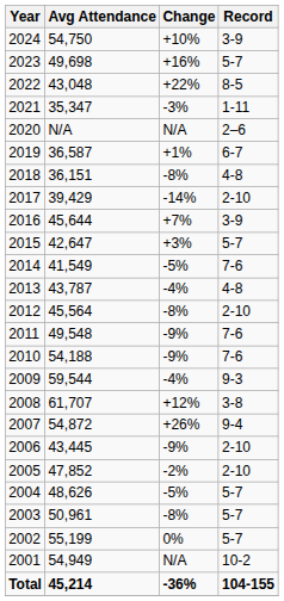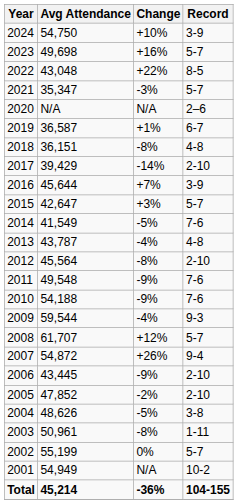 <table class="wikitable">
 <tr>
 <th>Year</th>
 <th>Avg Attendance</th>
 <th>Change</th>
 <th>Record</th>
 </tr>
 <tr>
 <td>2024</td>
 <td>54,750</td>
 <td>+10%</td>
 <td>3-9</td>
 </tr>
 <tr>
 <td>2023</td>
 <td>49,698</td>
 <td>+16%</td>
 <td>5-7</td>
 </tr>
 <tr>
 <td>2022</td>
 <td>43,048</td>
 <td>+22%</td>
 <td>8-5</td>
 </tr>
 <tr>
 <td>2021</td>
 <td>35,347</td>
 <td>-3%</td>
-<td>1-11</td>
+<td>5-7</td>
 </tr>
 <tr>
 <td>2020</td>
 <td>N/A</td>
 <td>N/A</td>
 <td>2–6</td>
 </tr>
 <tr>
 <td>2019</td>
 <td>36,587</td>
 <td>+1%</td>
 <td>6-7</td>
 </tr>
 <tr>
 <td>2018</td>
 <td>36,151</td>
 <td>-8%</td>
 <td>4-8</td>
 </tr>
 <tr>
 <td>2017</td>
 <td>39,429</td>
 <td>-14%</td>
 <td>2-10</td>
 </tr>
 <tr>
 <td>2016</td>
 <td>45,644</td>
 <td>+7%</td>
 <td>3-9</td>
 </tr>
 <tr>
 <td>2015</td>
 <td>42,647</td>
 <td>+3%</td>
 <td>5-7</td>
 </tr>
 <tr>
 <td>2014</td>
 <td>41,549</td>
 <td>-5%</td>
 <td>7-6</td>
 </tr>
 <tr>
 <td>2013</td>
 <td>43,787</td>
 <td>-4%</td>
 <td>4-8</td>
 </tr>
 <tr>
 <td>2012</td>
 <td>45,564</td>
 <td>-8%</td>
 <td>2-10</td>
 </tr>
 <tr>
 <td>2011</td>
 <td>49,548</td>
 <td>-9%</td>
 <td>7-6</td>
 </tr>
 <tr>
 <td>2010</td>
 <td>54,188</td>
 <td>-9%</td>
 <td>7-6</td>
 </tr>
 <tr>
 <td>2009</td>
 <td>59,544</td>
 <td>-4%</td>
 <td>9-3</td>
 </tr>
 <tr>
 <td>2008</td>
 <td>61,707</td>
 <td>+12%</td>
-<td>3-8</td>
+<td>5-7</td>
 </tr>
 <tr>
 <td>2007</td>
 <td>54,872</td>
 <td>+26%</td>
 <td>9-4</td>
 </tr>
 <tr>
 <td>2006</td>
 <td>43,445</td>
 <td>-9%</td>
 <td>2-10</td>
 </tr>
 <tr>
 <td>2005</td>
 <td>47,852</td>
 <td>-2%</td>
 <td>2-10</td>
 </tr>
 <tr>
 <td>2004</td>
 <td>48,626</td>
 <td>-5%</td>
-<td>5-7</td>
+<td>3-8</td>
 </tr>
 <tr>
 <td>2003</td>
 <td>50,961</td>
 <td>-8%</td>
-<td>5-7</td>
+<td>1-11</td>
 </tr>
 <tr>
 <td>2002</td>
 <td>55,199</td>
 <td>0%</td>
 <td>5-7</td>
 </tr>
 <tr>
 <td>2001</td>
 <td>54,949</td>
 <td>N/A</td>
 <td>10-2</td>
 </tr>
 <tr>
 <td><strong>Total</strong></td>
 <td><strong>45,214</strong></td>
 <td><strong>-36%</strong></td>
 <td><strong>104-155</strong></td>
 </tr>
 <tr>
 </tr>
 </table>
